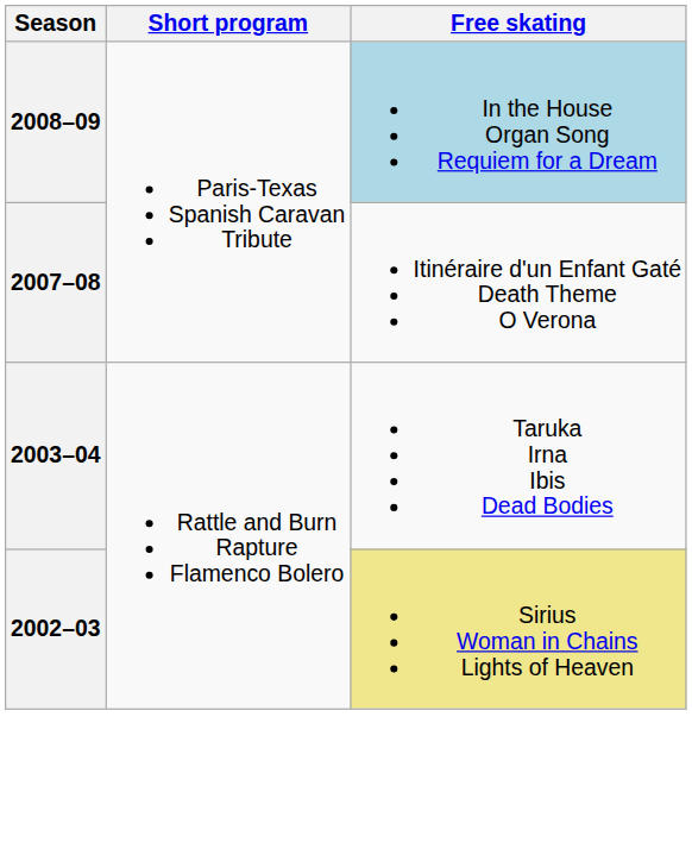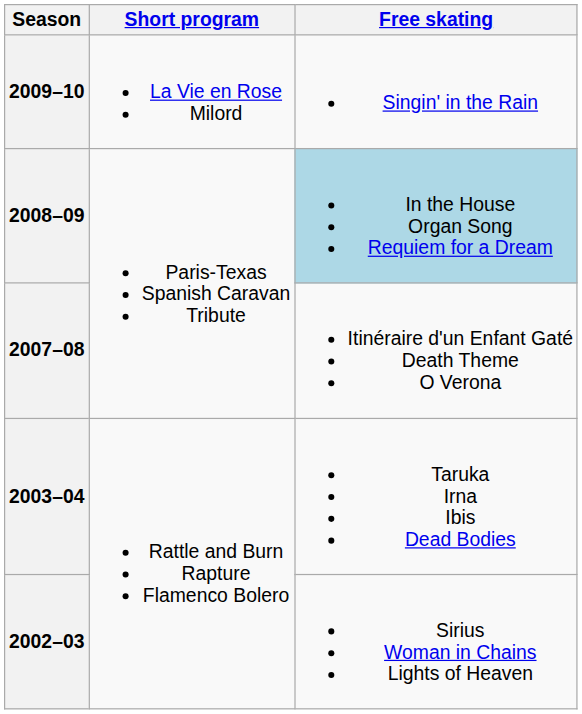 <table class="wikitable" style="text-align:center">
 <tr>
 <th>Season</th>
 <th><a href='#'>Short program</a></th>
 <th><a href='#'>Free skating</a></th>
+</tr>
+<tr>
+<th>2009–10 <br> </th>
+<td><br><ul><li><a href='#'>La Vie en Rose</a> <br></li><li>Milord <br></li></ul></td>
+<td><br><ul><li><a href='#'>Singin' in the Rain</a> <br></li></ul></td>
 </tr>
 <tr>
 <th>2008–09 <br> </th>
 <td rowspan=2><br><ul><li>Paris-Texas <br></li><li>Spanish Caravan <br></li><li>Tribute <br></li></ul></td>
 <td style="background: lightblue;"><br><ul><li>In the House <br></li><li>Organ Song <br></li><li><a href='#'>Requiem for a Dream</a> <br> </li></ul></td>
 </tr>
 <tr>
 <th>2007–08 <br> </th>
 <td><br><ul><li>Itinéraire d'un Enfant Gaté <br></li><li>Death Theme <br></li><li>O Verona <br></li></ul></td>
 </tr>
 <tr>
 <th>2003–04 <br> </th>
 <td rowspan=2><br><ul><li>Rattle and Burn <br></li><li>Rapture <br></li><li>Flamenco Bolero <br></li></ul></td>
 <td><br><ul><li>Taruka</li><li>Irna</li><li>Ibis <br></li><li><a href='#'>Dead Bodies</a> <br></li></ul></td>
 </tr>
 <tr>
 <th>2002–03 <br> </th>
-<td style="background: khaki;"><br><ul><li>Sirius <br></li><li><a href='#'>Woman in Chains</a> <br></li><li>Lights of Heaven <br></li></ul></td>
+<td><br><ul><li>Sirius <br></li><li><a href='#'>Woman in Chains</a> <br></li><li>Lights of Heaven <br></li></ul></td>
 </tr>
 </table>
